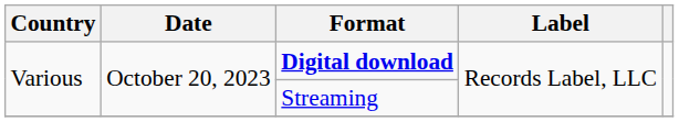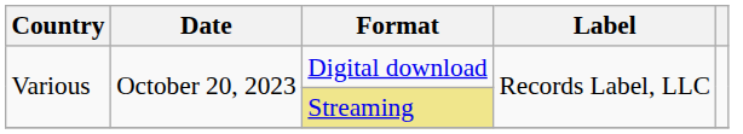 <table class="wikitable">
 <tr>
 <th>Country</th>
 <th>Date</th>
 <th>Format</th>
 <th>Label</th>
 <th></th>
 </tr>
 <tr>
 <td rowspan="2">Various</td>
 <td rowspan="2">October 20, 2023</td>
-<td><strong><a href='#'>Digital download</a></strong></td>
+<td><a href='#'>Digital download</a></td>
 <td rowspan="2">Records Label, LLC</td>
 <td rowspan="2"></td>
 </tr>
 <tr>
-<td><a href='#'>Streaming</a></td>
+<td style="background: khaki;"><a href='#'>Streaming</a></td>
 </tr>
 <tr>
 </tr>
 </table>
